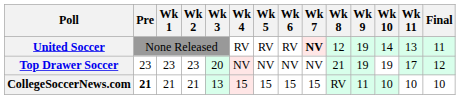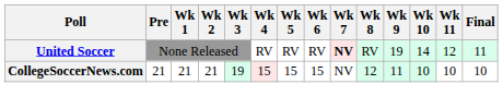 <table class="wikitable" style="white-space:nowrap;text-align:center;">
 <tr>
 <th>Poll</th>
 <th>Pre</th>
 <th>Wk<br>1</th>
 <th>Wk<br>2</th>
 <th>Wk<br>3</th>
 <th>Wk<br>4</th>
 <th>Wk<br>5</th>
 <th>Wk<br>6</th>
 <th>Wk<br>7</th>
 <th>Wk<br>8</th>
 <th>Wk<br>9</th>
 <th>Wk<br>10</th>
 <th>Wk<br>11</th>
 <th>Final<br></th>
 </tr>
 <tr>
 <th><a href='#'>United Soccer</a></th>
 <td colspan=4 style="background:#999;">None Released</td>
 <td style="background:#FFFFFF;">RV</td>
 <td style="background:#FFFFFF;">RV</td>
 <td style="background:#FFFFFF;">RV</td>
 <td style="background:#FFE6E6;"><strong>NV</strong></td>
-<td style="background:#D8FFEB;">12</td>
+<td style="background:#D8FFEB;">RV</td>
 <td style="background:#D8FFEB;">19</td>
 <td style="background:#D8FFEB;">14</td>
-<td style="background:#D8FFEB;">13</td>
+<td style="background:#D8FFEB;">12</td>
 <td style="background:#D8FFEB;">11</td>
 </tr>
 <tr>
-<th><a href='#'>Top Drawer Soccer</a></th>
-<td style="background:#FFFFFF;">23</td>
-<td style="background:#FFFFFF;">23</td>
-<td style="background:#FFFFFF;">23</td>
-<td style="background:#D8FFEB;">20</td>
-<td style="background:#FFE6E6;">NV</td>
-<td style="background:#FFFFFF;">NV</td>
-<td style="background:#FFFFFF;">NV</td>
-<td style="background:#FFFFFF;">NV</td>
-<td style="background:#D8FFEB;">21</td>
-<td style="background:#D8FFEB;">19</td>
-<td style="background:#FFFFFF;">19</td>
-<td style="background:#D8FFEB;">17</td>
-<td style="background:#D8FFEB;">12</td>
-</tr>
-<tr>
 <th>CollegeSoccerNews.com</th>
-<td style="background:#FFFFFF;"><strong>21</strong></td>
 <td style="background:#FFFFFF;">21</td>
 <td style="background:#FFFFFF;">21</td>
-<td style="background:#D8FFEB;">13</td>
+<td style="background:#FFFFFF;">21</td>
+<td style="background:#D8FFEB;">19</td>
 <td style="background:#FFE6E6;">15</td>
 <td style="background:#FFFFFF;">15</td>
 <td style="background:#FFFFFF;">15</td>
-<td style="background:#FFFFFF;">15</td>
-<td style="background:#D8FFEB;">RV</td>
+<td style="background:#FFFFFF;">NV</td>
+<td style="background:#D8FFEB;">12</td>
 <td style="background:#D8FFEB;">11</td>
 <td style="background:#D8FFEB;">10</td>
 <td style="background:#FFFFFF;">10</td>
 <td style="background:#FFFFFF;">10</td>
 </tr>
 </table>
